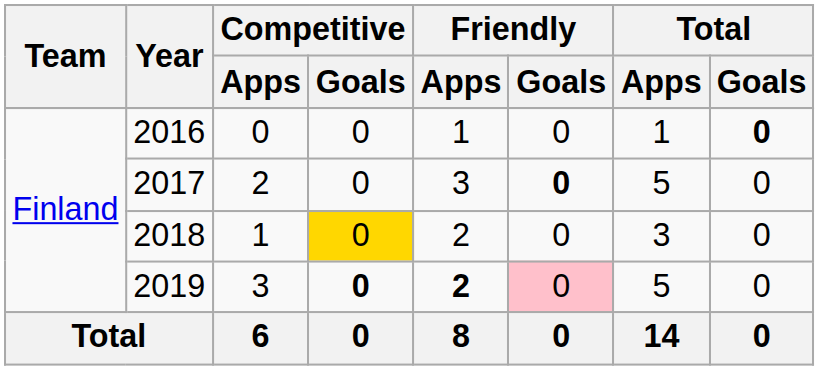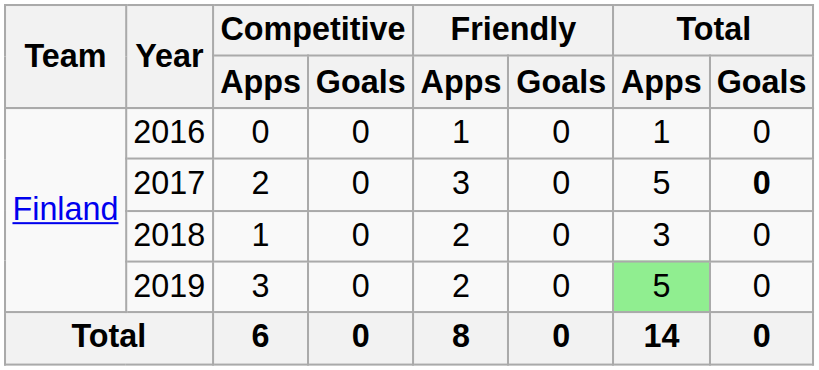 <table class="wikitable" style="text-align:center">
 <tr>
 <th rowspan=2>Team</th>
 <th rowspan=2>Year</th>
 <th colspan=2>Competitive</th>
 <th colspan=2>Friendly</th>
 <th colspan=2>Total</th>
 </tr>
 <tr>
 <th>Apps</th>
 <th>Goals</th>
 <th>Apps</th>
 <th>Goals</th>
 <th>Apps</th>
 <th>Goals</th>
 </tr>
 <tr>
 </tr>
 <tr>
 <td rowspan=4><a href='#'>Finland</a></td>
 <td>2016</td>
 <td>0</td>
 <td>0</td>
 <td>1</td>
 <td>0</td>
 <td>1</td>
-<td><strong>0</strong></td>
+<td>0</td>
 </tr>
 <tr>
 <td>2017</td>
 <td>2</td>
 <td>0</td>
 <td>3</td>
+<td>0</td>
+<td>5</td>
 <td><strong>0</strong></td>
-<td>5</td>
-<td>0</td>
 </tr>
 <tr>
 <td>2018</td>
 <td>1</td>
-<td style="background: gold;">0</td>
+<td>0</td>
 <td>2</td>
 <td>0</td>
 <td>3</td>
 <td>0</td>
 </tr>
 <tr>
 <td>2019</td>
 <td>3</td>
-<td><strong>0</strong></td>
-<td><strong>2</strong></td>
-<td style="background: pink;">0</td>
-<td>5</td>
+<td>0</td>
+<td>2</td>
+<td>0</td>
+<td style="background: lightgreen;">5</td>
 <td>0</td>
 </tr>
 <tr>
 <th colspan=2>Total</th>
 <th>6</th>
 <th>0</th>
 <th>8</th>
 <th>0</th>
 <th>14</th>
 <th>0</th>
 </tr>
 </table>
